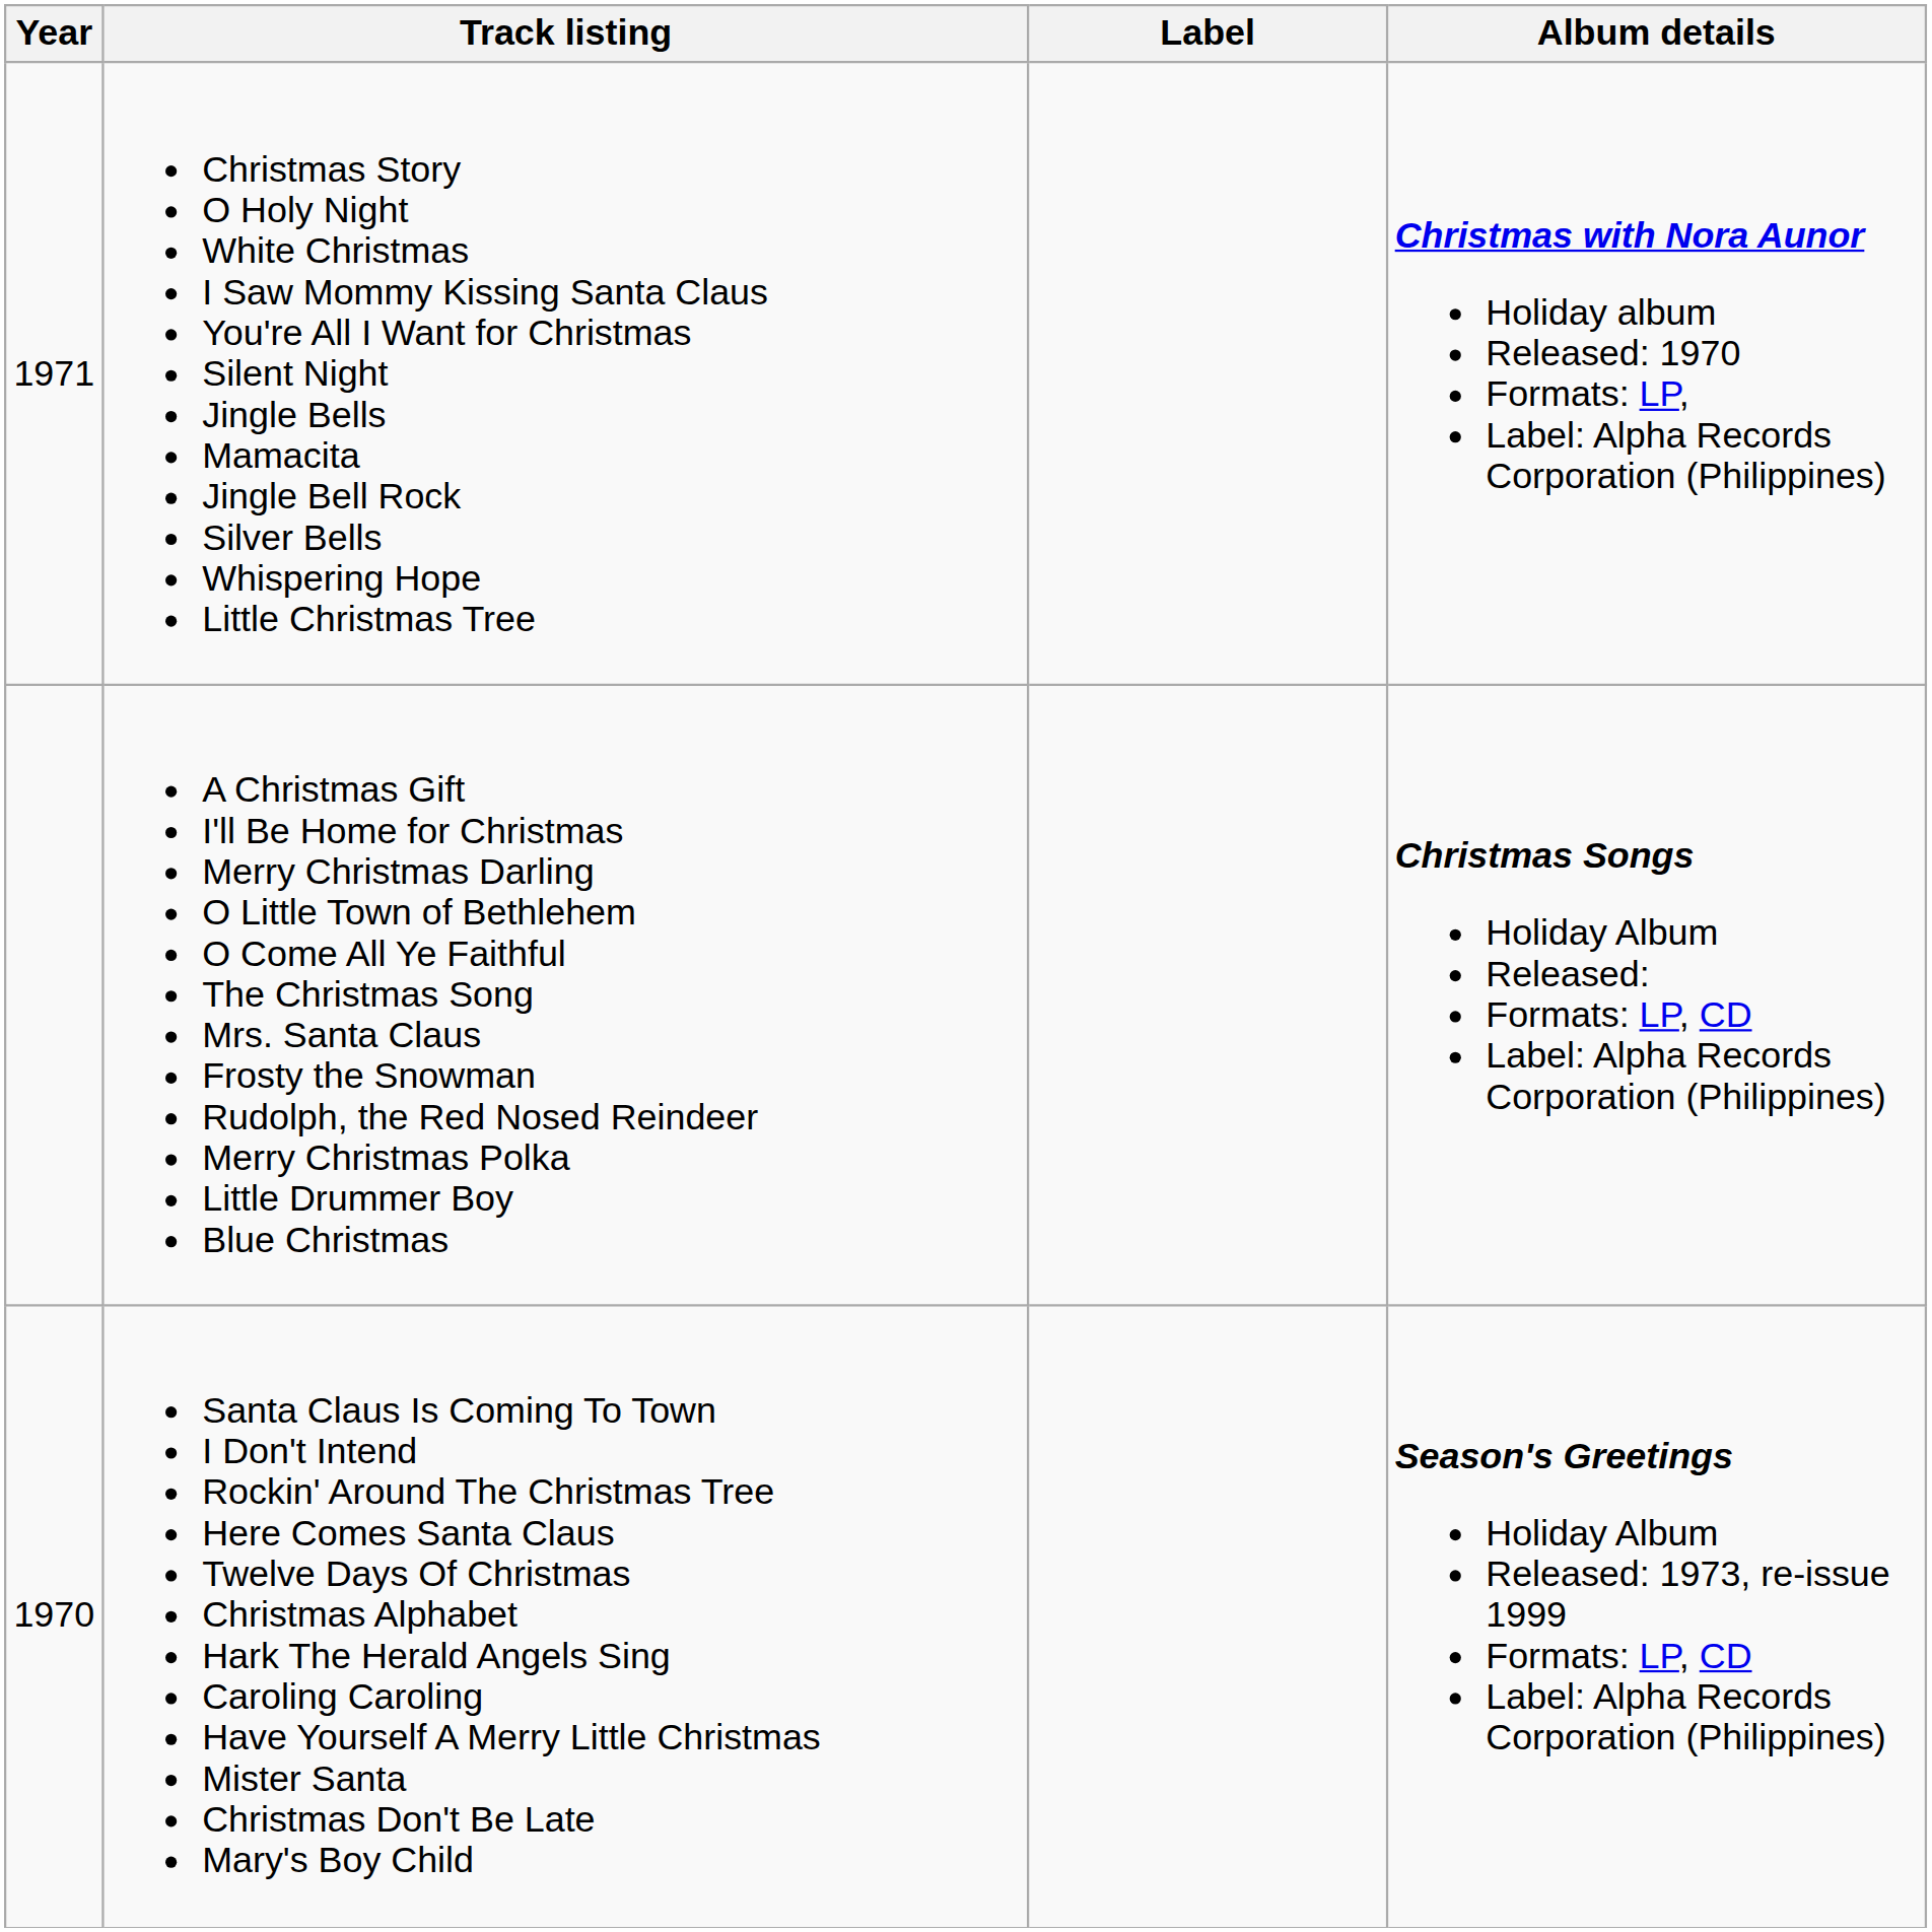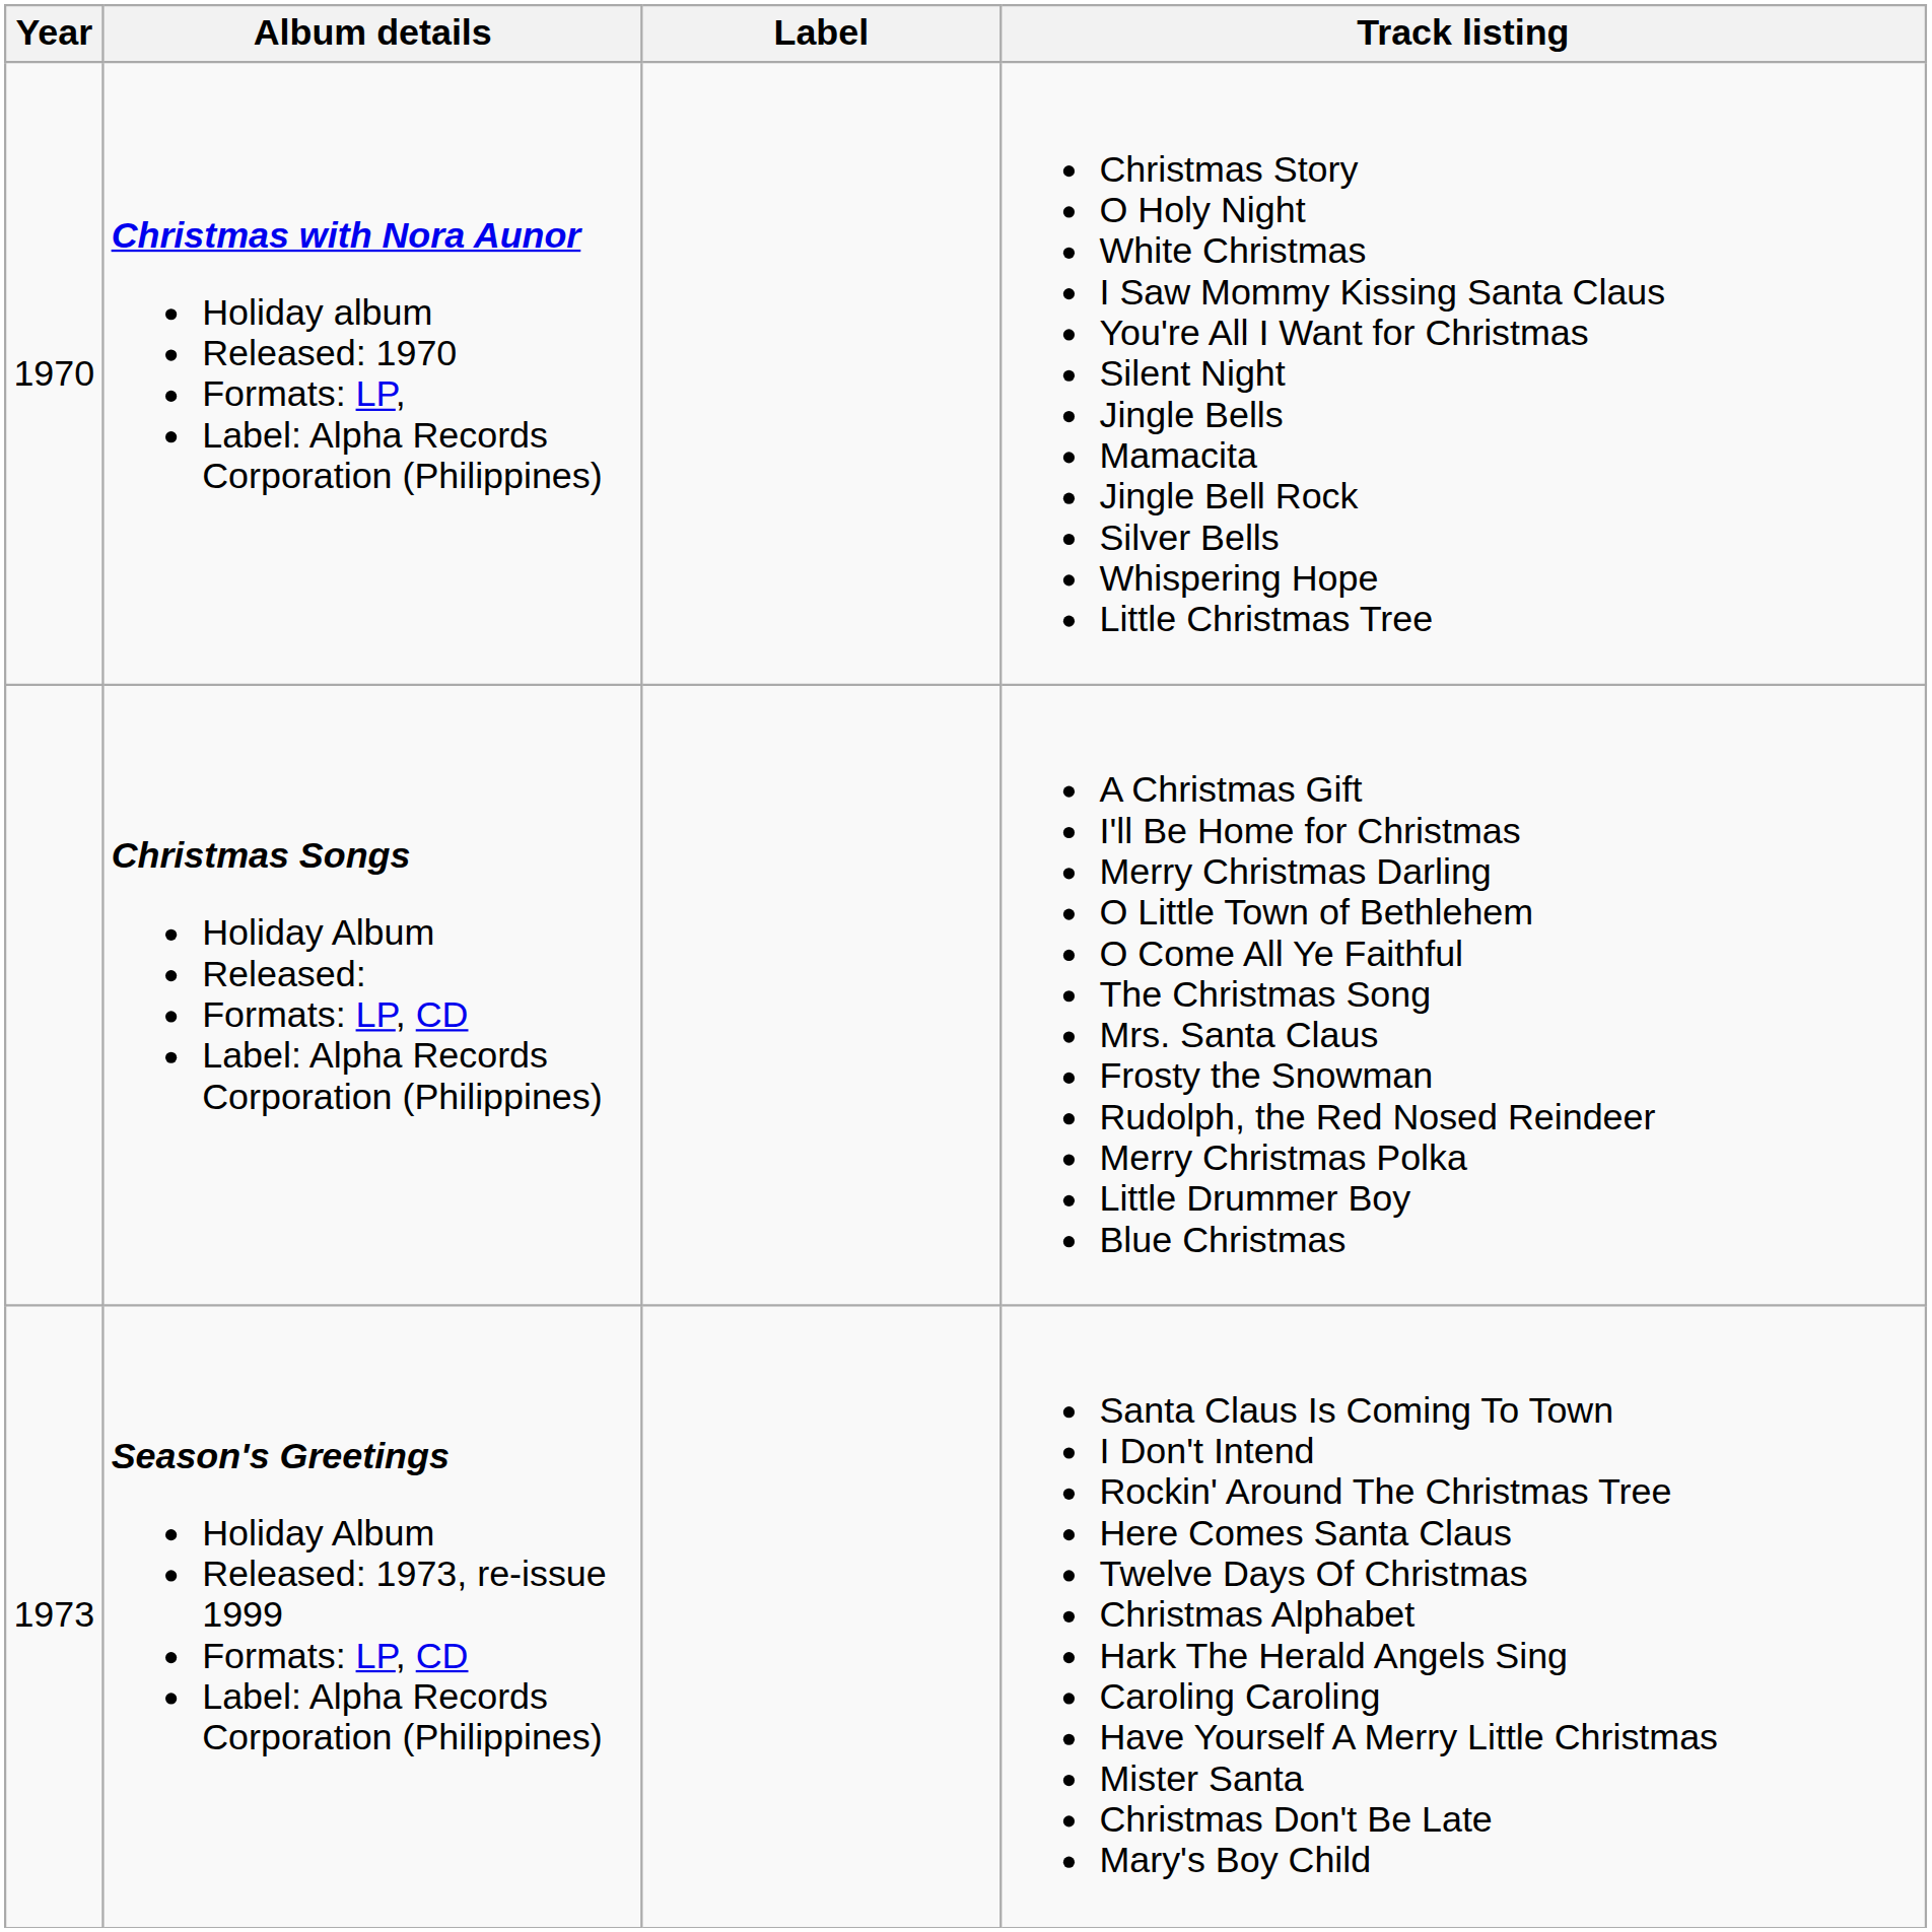 <table class="wikitable">
 <tr>
 <th>Year</th>
+<th width=230>Album details</th>
+<th width=150>Label</th>
 <th width=400>Track listing</th>
-<th width=150>Label</th>
-<th width=230>Album details</th>
 </tr>
 <tr>
-<td>1971</td>
+<td>1970</td>
+<td><strong><em><a href='#'>Christmas with Nora Aunor</a></em></strong><br><ul><li>Holiday album</li><li>Released: 1970</li><li>Formats: <a href='#'>LP</a>,</li><li>Label: Alpha Records Corporation (Philippines)</li></ul></td>
+<td></td>
 <td><br><ul><li>Christmas Story</li><li>O Holy Night</li><li>White Christmas</li><li>I Saw Mommy Kissing Santa Claus</li><li>You're All I Want for Christmas</li><li>Silent Night</li><li>Jingle Bells</li><li>Mamacita</li><li>Jingle Bell Rock</li><li>Silver Bells</li><li>Whispering Hope</li><li>Little Christmas Tree</li></ul></td>
-<td></td>
-<td><strong><em><a href='#'>Christmas with Nora Aunor</a></em></strong><br><ul><li>Holiday album</li><li>Released: 1970</li><li>Formats: <a href='#'>LP</a>,</li><li>Label: Alpha Records Corporation (Philippines)</li></ul></td>
 </tr>
 <tr>
 <td></td>
+<td><strong><em>Christmas Songs</em></strong><br><ul><li>Holiday Album</li><li>Released:</li><li>Formats: <a href='#'>LP</a>,  <a href='#'>CD</a></li><li>Label: Alpha Records Corporation (Philippines)</li></ul></td>
+<td></td>
 <td><br><ul><li>A Christmas Gift</li><li>I'll Be Home for Christmas</li><li>Merry Christmas Darling</li><li>O Little Town of Bethlehem</li><li>O Come All Ye Faithful</li><li>The Christmas Song</li><li>Mrs. Santa Claus</li><li>Frosty the Snowman</li><li>Rudolph, the Red Nosed Reindeer</li><li>Merry Christmas Polka</li><li>Little Drummer Boy</li><li>Blue Christmas</li></ul></td>
-<td></td>
-<td><strong><em>Christmas Songs</em></strong><br><ul><li>Holiday Album</li><li>Released:</li><li>Formats: <a href='#'>LP</a>,  <a href='#'>CD</a></li><li>Label: Alpha Records Corporation (Philippines)</li></ul></td>
 </tr>
 <tr>
-<td>1970</td>
+<td>1973</td>
+<td><strong><em>Season's Greetings</em></strong><br><ul><li>Holiday Album</li><li>Released: 1973, re-issue 1999</li><li>Formats: <a href='#'>LP</a>,  <a href='#'>CD</a></li><li>Label: Alpha Records Corporation (Philippines)</li></ul></td>
+<td></td>
 <td><br><ul><li>Santa Claus Is Coming To Town</li><li>I Don't Intend</li><li>Rockin' Around The Christmas Tree</li><li>Here Comes Santa Claus</li><li>Twelve Days Of Christmas</li><li>Christmas Alphabet</li><li>Hark The Herald Angels Sing</li><li>Caroling Caroling</li><li>Have Yourself A Merry Little Christmas</li><li>Mister Santa</li><li>Christmas Don't Be Late</li><li>Mary's Boy Child</li></ul></td>
-<td></td>
-<td><strong><em>Season's Greetings</em></strong><br><ul><li>Holiday Album</li><li>Released: 1973, re-issue 1999</li><li>Formats: <a href='#'>LP</a>,  <a href='#'>CD</a></li><li>Label: Alpha Records Corporation (Philippines)</li></ul></td>
 </tr>
 </table>
